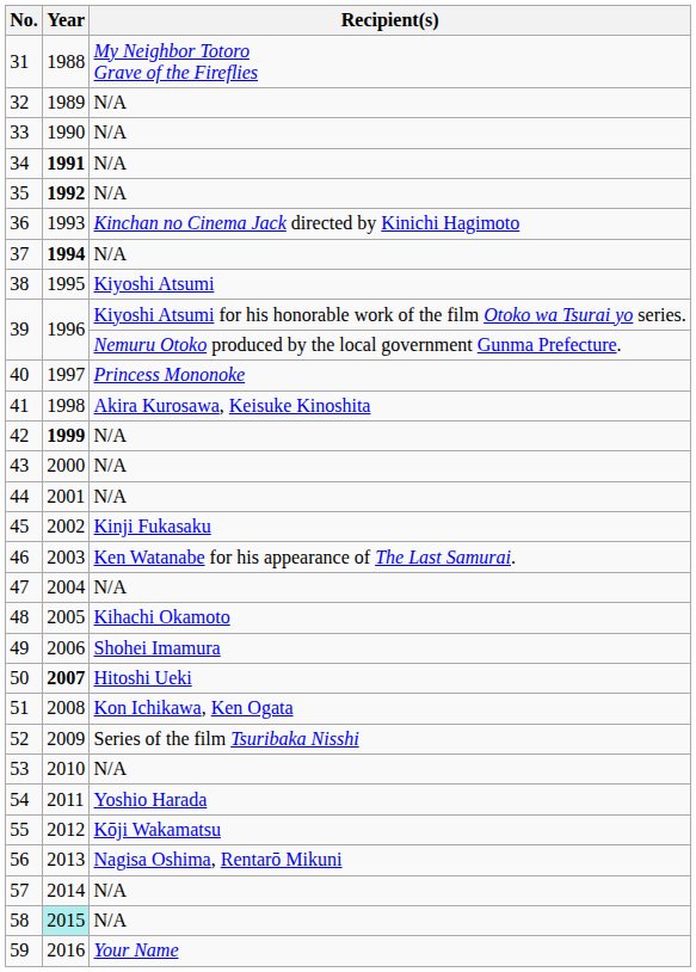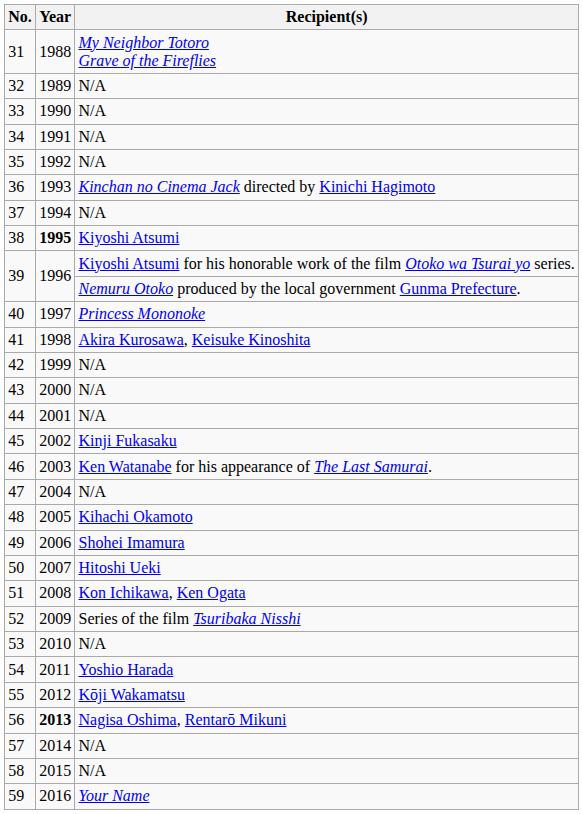 <table class="wikitable">
 <tr>
 <th>No.</th>
 <th>Year</th>
 <th>Recipient(s)</th>
 </tr>
 <tr>
 <td>31</td>
 <td>1988</td>
 <td><em><a href='#'>My Neighbor Totoro</a></em><br><em><a href='#'>Grave of the Fireflies</a></em></td>
 </tr>
 <tr>
 <td>32</td>
 <td>1989</td>
 <td>N/A</td>
 </tr>
 <tr>
 <td>33</td>
 <td>1990</td>
 <td>N/A</td>
 </tr>
 <tr>
 <td>34</td>
-<td><strong>1991</strong></td>
+<td>1991</td>
 <td>N/A</td>
 </tr>
 <tr>
 <td>35</td>
-<td><strong>1992</strong></td>
+<td>1992</td>
 <td>N/A</td>
 </tr>
 <tr>
 <td>36</td>
 <td>1993</td>
 <td><em><a href='#'>Kinchan no Cinema Jack</a></em> directed by <a href='#'>Kinichi Hagimoto</a></td>
 </tr>
 <tr>
 <td>37</td>
-<td><strong>1994</strong></td>
+<td>1994</td>
 <td>N/A</td>
 </tr>
 <tr>
 <td>38</td>
-<td>1995</td>
+<td><strong>1995</strong></td>
 <td><a href='#'>Kiyoshi Atsumi</a></td>
 </tr>
 <tr>
 <td rowspan="2">39</td>
 <td rowspan="2">1996</td>
 <td><a href='#'>Kiyoshi Atsumi</a> for his honorable work of the film <em><a href='#'>Otoko wa Tsurai yo</a></em> series.</td>
 </tr>
 <tr>
 <td><em><a href='#'>Nemuru Otoko</a></em> produced by the local government <a href='#'>Gunma Prefecture</a>.</td>
 </tr>
 <tr>
 <td>40</td>
 <td>1997</td>
 <td><em><a href='#'>Princess Mononoke</a></em></td>
 </tr>
 <tr>
 <td>41</td>
 <td>1998</td>
 <td><a href='#'>Akira Kurosawa</a>, <a href='#'>Keisuke Kinoshita</a></td>
 </tr>
 <tr>
 <td>42</td>
-<td><strong>1999</strong></td>
+<td>1999</td>
 <td>N/A</td>
 </tr>
 <tr>
 <td>43</td>
 <td>2000</td>
 <td>N/A</td>
 </tr>
 <tr>
 <td>44</td>
 <td>2001</td>
 <td>N/A</td>
 </tr>
 <tr>
 <td>45</td>
 <td>2002</td>
 <td><a href='#'>Kinji Fukasaku</a></td>
 </tr>
 <tr>
 <td>46</td>
 <td>2003</td>
 <td><a href='#'>Ken Watanabe</a> for his appearance of <em><a href='#'>The Last Samurai</a></em>.</td>
 </tr>
 <tr>
 <td>47</td>
 <td>2004</td>
 <td>N/A</td>
 </tr>
 <tr>
 <td>48</td>
 <td>2005</td>
 <td><a href='#'>Kihachi Okamoto</a></td>
 </tr>
 <tr>
 <td>49</td>
 <td>2006</td>
 <td><a href='#'>Shohei Imamura</a></td>
 </tr>
 <tr>
 <td>50</td>
-<td><strong>2007</strong></td>
+<td>2007</td>
 <td><a href='#'>Hitoshi Ueki</a></td>
 </tr>
 <tr>
 <td>51</td>
 <td>2008</td>
 <td><a href='#'>Kon Ichikawa</a>, <a href='#'>Ken Ogata</a></td>
 </tr>
 <tr>
 <td>52</td>
 <td>2009</td>
 <td>Series of the film <em><a href='#'>Tsuribaka Nisshi</a></em></td>
 </tr>
 <tr>
 <td>53</td>
 <td>2010</td>
 <td>N/A</td>
 </tr>
 <tr>
 <td>54</td>
 <td>2011</td>
 <td><a href='#'>Yoshio Harada</a></td>
 </tr>
 <tr>
 <td>55</td>
 <td>2012</td>
 <td><a href='#'>Kōji Wakamatsu</a></td>
 </tr>
 <tr>
 <td>56</td>
-<td>2013</td>
+<td><strong>2013</strong></td>
 <td><a href='#'>Nagisa Oshima</a>, <a href='#'>Rentarō Mikuni</a></td>
 </tr>
 <tr>
 <td>57</td>
 <td>2014</td>
 <td>N/A</td>
 </tr>
 <tr>
 <td>58</td>
-<td style="background: paleturquoise;">2015</td>
+<td>2015</td>
 <td>N/A</td>
 </tr>
 <tr>
 <td>59</td>
 <td>2016</td>
 <td><em><a href='#'>Your Name</a></em></td>
 </tr>
 </table>
